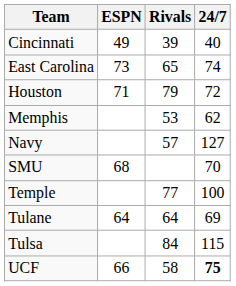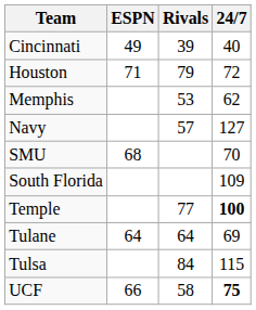 <table class="wikitable">
 <tr>
 <th>Team</th>
 <th>ESPN</th>
 <th>Rivals</th>
 <th>24/7</th>
 </tr>
 <tr>
 <td>Cincinnati</td>
 <td style="text-align:center; background:white">49</td>
 <td style="text-align:center; background:white">39</td>
 <td style="text-align:center; background:white">40</td>
-</tr>
-<tr>
-<td>East Carolina</td>
-<td style="text-align:center; background:white">73</td>
-<td style="text-align:center; background:white">65</td>
-<td style="text-align:center; background:white">74</td>
 </tr>
 <tr>
 <td>Houston</td>
 <td style="text-align:center; background:white">71</td>
 <td style="text-align:center; background:white">79</td>
 <td style="text-align:center; background:white">72</td>
 </tr>
 <tr>
 <td>Memphis</td>
 <td style="text-align:center; background:white"></td>
 <td style="text-align:center; background:white">53</td>
 <td style="text-align:center; background:white">62</td>
 </tr>
 <tr>
 <td>Navy</td>
 <td style="text-align:center; background:white"></td>
 <td style="text-align:center; background:white">57</td>
 <td style="text-align:center; background:white">127</td>
 </tr>
 <tr>
 <td>SMU</td>
 <td style="text-align:center; background:white">68</td>
 <td style="text-align:center; background:white"></td>
 <td style="text-align:center; background:white">70</td>
 </tr>
 <tr>
+<td>South Florida</td>
+<td style="text-align:center; background:white"></td>
+<td style="text-align:center; background:white"></td>
+<td style="text-align:center; background:white">109</td>
+</tr>
+<tr>
 <td>Temple</td>
 <td style="text-align:center; background:white"></td>
 <td style="text-align:center; background:white">77</td>
-<td style="text-align:center; background:white">100</td>
+<td style="text-align:center; background:white"><strong>100</strong></td>
 </tr>
 <tr>
 <td>Tulane</td>
 <td style="text-align:center; background:white">64</td>
 <td style="text-align:center; background:white">64</td>
 <td style="text-align:center; background:white">69</td>
 </tr>
 <tr>
 <td>Tulsa</td>
 <td style="text-align:center; background:white"></td>
 <td style="text-align:center; background:white">84</td>
 <td style="text-align:center; background:white">115</td>
 </tr>
 <tr>
 <td>UCF</td>
 <td style="text-align:center; background:white">66</td>
 <td style="text-align:center; background:white">58</td>
 <td style="text-align:center; background:white"><strong>75</strong></td>
 </tr>
 </table>
